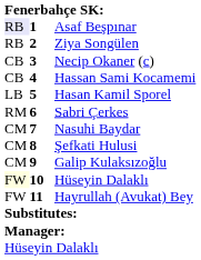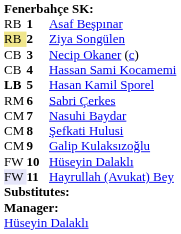 <table style="font-size: 90%" cellspacing="0" cellpadding="0">
 <tr>
 <td colspan="4"><strong>Fenerbahçe SK:</strong></td>
 </tr>
 <tr>
 <th width="25"></th>
 <th width="25"></th>
 </tr>
 <tr>
-<td style="background: lavender;">RB</td>
+<td>RB</td>
 <td><strong>1</strong></td>
 <td> <a href='#'>Asaf Beşpınar</a></td>
 </tr>
 <tr>
-<td>RB</td>
+<td style="background: khaki;">RB</td>
 <td><strong>2</strong></td>
 <td> <a href='#'>Ziya Songülen</a></td>
 </tr>
 <tr>
 <td>CB</td>
 <td><strong>3</strong></td>
 <td> <a href='#'>Necip Okaner</a> (<a href='#'>c</a>)</td>
 </tr>
 <tr>
 <td>CB</td>
 <td><strong>4</strong></td>
 <td> <a href='#'>Hassan Sami Kocamemi</a></td>
 </tr>
 <tr>
-<td>LB</td>
+<td><strong>LB</strong></td>
 <td><strong>5</strong></td>
 <td> <a href='#'>Hasan Kamil Sporel</a></td>
 </tr>
 <tr>
 <td>RM</td>
 <td><strong>6</strong></td>
 <td> <a href='#'>Sabri Çerkes</a></td>
 </tr>
 <tr>
 <td>CM</td>
 <td><strong>7</strong></td>
 <td> <a href='#'>Nasuhi Baydar</a></td>
 </tr>
 <tr>
 <td>CM</td>
 <td><strong>8</strong></td>
 <td> <a href='#'>Şefkati Hulusi</a></td>
 </tr>
 <tr>
 <td>CM</td>
 <td><strong>9</strong></td>
 <td> <a href='#'>Galip Kulaksızoğlu</a></td>
 </tr>
 <tr>
-<td style="background: lightyellow;">FW</td>
+<td>FW</td>
 <td><strong>10</strong></td>
 <td> <a href='#'>Hüseyin Dalaklı</a></td>
 </tr>
 <tr>
-<td>FW</td>
+<td style="background: lavender;">FW</td>
 <td><strong>11</strong></td>
 <td> <a href='#'>Hayrullah (Avukat) Bey</a></td>
 </tr>
 <tr>
 <td colspan=4><strong>Substitutes:</strong></td>
 </tr>
 <tr>
 <td colspan=4><strong>Manager:</strong></td>
 </tr>
 <tr>
 <td colspan="4"> <a href='#'>Hüseyin Dalaklı</a></td>
 </tr>
 </table>
